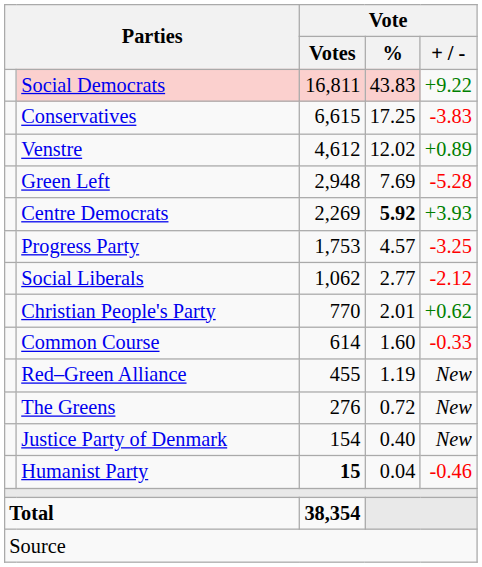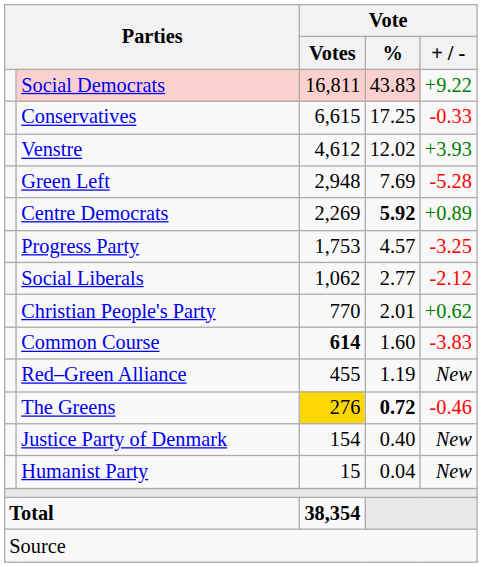 <table class="wikitable" style="text-align:right;">
 <tr>
 <th style="text-align:centre;" rowspan="2" colspan="2" width="225">Parties</th>
 <th colspan="3">Vote</th>
 </tr>
 <tr>
 <th width="15">Votes</th>
 <th width="15">%</th>
 <th width="15">+ / -</th>
 </tr>
 <tr>
 <td width="2" style="color:inherit;background:"></td>
 <td bgcolor=#fbd0ce  align="left"><a href='#'>Social Democrats</a></td>
 <td bgcolor=#fbd0ce>16,811</td>
 <td bgcolor=#fbd0ce>43.83</td>
 <td style=color:green;>+9.22</td>
 </tr>
 <tr>
 <td width="2" style="color:inherit;background:"></td>
 <td align="left"><a href='#'>Conservatives</a></td>
 <td>6,615</td>
 <td>17.25</td>
-<td style=color:red;>-3.83</td>
+<td style=color:red;>-0.33</td>
 </tr>
 <tr>
 <td width="2" style="color:inherit;background:"></td>
 <td align="left"><a href='#'>Venstre</a></td>
 <td>4,612</td>
 <td>12.02</td>
-<td style=color:green;>+0.89</td>
+<td style=color:green;>+3.93</td>
 </tr>
 <tr>
 <td width="2" style="color:inherit;background:"></td>
 <td align="left"><a href='#'>Green Left</a></td>
 <td>2,948</td>
 <td>7.69</td>
 <td style=color:red;>-5.28</td>
 </tr>
 <tr>
 <td width="2" style="color:inherit;background:"></td>
 <td align="left"><a href='#'>Centre Democrats</a></td>
 <td>2,269</td>
 <td><strong>5.92</strong></td>
-<td style=color:green;>+3.93</td>
+<td style=color:green;>+0.89</td>
 </tr>
 <tr>
 <td width="2" style="color:inherit;background:"></td>
 <td align="left"><a href='#'>Progress Party</a></td>
 <td>1,753</td>
 <td>4.57</td>
 <td style=color:red;>-3.25</td>
 </tr>
 <tr>
 <td width="2" style="color:inherit;background:"></td>
 <td align="left"><a href='#'>Social Liberals</a></td>
 <td>1,062</td>
 <td>2.77</td>
 <td style=color:red;>-2.12</td>
 </tr>
 <tr>
 <td width="2" style="color:inherit;background:"></td>
 <td align="left"><a href='#'>Christian People's Party</a></td>
 <td>770</td>
 <td>2.01</td>
 <td style=color:green;>+0.62</td>
 </tr>
 <tr>
 <td width="2" style="color:inherit;background:"></td>
 <td align="left"><a href='#'>Common Course</a></td>
-<td>614</td>
+<td><strong>614</strong></td>
 <td>1.60</td>
-<td style=color:red;>-0.33</td>
+<td style=color:red;>-3.83</td>
 </tr>
 <tr>
 <td width="2" style="color:inherit;background:"></td>
 <td align="left"><a href='#'>Red–Green Alliance</a></td>
 <td>455</td>
 <td>1.19</td>
 <td><em>New</em></td>
 </tr>
 <tr>
 <td width="2" style="color:inherit;background:"></td>
 <td align="left"><a href='#'>The Greens</a></td>
-<td>276</td>
-<td>0.72</td>
-<td><em>New</em></td>
+<td style="background: gold;">276</td>
+<td><strong>0.72</strong></td>
+<td style=color:red;>-0.46</td>
 </tr>
 <tr>
 <td width="2" style="color:inherit;background:"></td>
 <td align="left"><a href='#'>Justice Party of Denmark</a></td>
 <td>154</td>
 <td>0.40</td>
 <td><em>New</em></td>
 </tr>
 <tr>
 <td width="2" style="color:inherit;background:"></td>
 <td align="left"><a href='#'>Humanist Party</a></td>
-<td><strong>15</strong></td>
+<td>15</td>
 <td>0.04</td>
-<td style=color:red;>-0.46</td>
+<td><em>New</em></td>
 </tr>
 <tr>
 <td colspan="7" bgcolor="#E9E9E9"></td>
 </tr>
 <tr>
 <td align="left" colspan="2"><strong>Total</strong></td>
 <td><strong>38,354</strong></td>
 <td bgcolor="#E9E9E9" colspan="2"></td>
 </tr>
 <tr>
 <td align="left" colspan="6">Source</td>
 </tr>
 </table>
